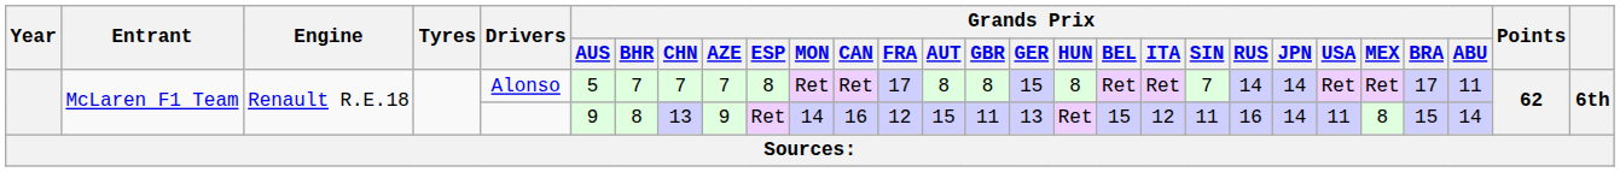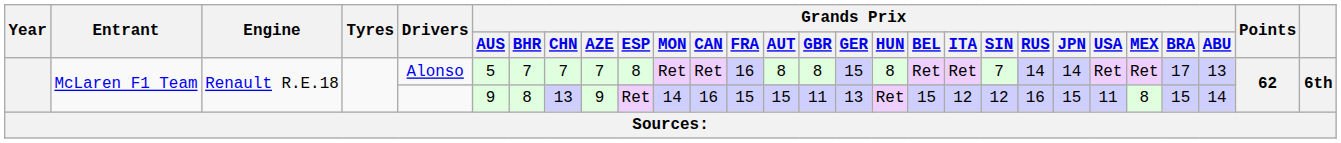 <table class="wikitable" style="text-align:center; font-size:90%">
 <tr>
 <th rowspan="2">Year</th>
 <th rowspan="2">Entrant</th>
 <th rowspan="2">Engine</th>
 <th rowspan="2">Tyres</th>
 <th rowspan="2">Drivers</th>
 <th colspan="21">Grands Prix</th>
 <th rowspan="2">Points</th>
 <th rowspan="2"></th>
 </tr>
 <tr>
 <th><a href='#'>AUS</a></th>
 <th><a href='#'>BHR</a></th>
 <th><a href='#'>CHN</a></th>
 <th><a href='#'>AZE</a></th>
 <th><a href='#'>ESP</a></th>
 <th><a href='#'>MON</a></th>
 <th><a href='#'>CAN</a></th>
 <th><a href='#'>FRA</a></th>
 <th><a href='#'>AUT</a></th>
 <th><a href='#'>GBR</a></th>
 <th><a href='#'>GER</a></th>
 <th><a href='#'>HUN</a></th>
 <th><a href='#'>BEL</a></th>
 <th><a href='#'>ITA</a></th>
 <th><a href='#'>SIN</a></th>
 <th><a href='#'>RUS</a></th>
 <th><a href='#'>JPN</a></th>
 <th><a href='#'>USA</a></th>
 <th><a href='#'>MEX</a></th>
 <th><a href='#'>BRA</a></th>
 <th><a href='#'>ABU</a></th>
 </tr>
 <tr>
 <th rowspan="2"></th>
 <td rowspan="2"><a href='#'>McLaren F1 Team</a></td>
 <td rowspan="2"><a href='#'>Renault</a> R.E.18</td>
 <td rowspan="2"></td>
 <td><a href='#'>Alonso</a></td>
 <td style="background-color:#dfffdf">5</td>
 <td style="background-color:#dfffdf">7</td>
 <td style="background-color:#dfffdf">7</td>
 <td style="background-color:#dfffdf">7</td>
 <td style="background-color:#dfffdf">8</td>
 <td style="background-color:#efcfff">Ret</td>
 <td style="background-color:#efcfff">Ret</td>
-<td style="background-color:#cfcfff">17</td>
+<td style="background-color:#cfcfff">16</td>
 <td style="background-color:#dfffdf">8</td>
 <td style="background-color:#dfffdf">8</td>
 <td style="background-color:#cfcfff">15</td>
 <td style="background-color:#dfffdf">8</td>
 <td style="background-color:#efcfff">Ret</td>
 <td style="background-color:#efcfff">Ret</td>
 <td style="background-color:#dfffdf">7</td>
 <td style="background-color:#cfcfff">14</td>
 <td style="background-color:#cfcfff">14</td>
 <td style="background-color:#efcfff">Ret</td>
 <td style="background-color:#efcfff">Ret</td>
 <td style="background-color:#cfcfff">17</td>
-<td style="background-color:#cfcfff">11</td>
+<td style="background-color:#cfcfff">13</td>
 <th rowspan="2">62</th>
 <th rowspan="2">6th</th>
 </tr>
 <tr>
 <td align="center"></td>
 <td style="background-color:#dfffdf">9</td>
 <td style="background-color:#dfffdf">8</td>
 <td style="background-color:#cfcfff">13</td>
 <td style="background-color:#dfffdf">9</td>
 <td style="background-color:#efcfff">Ret</td>
 <td style="background-color:#cfcfff">14</td>
 <td style="background-color:#cfcfff">16</td>
-<td style="background-color:#cfcfff">12</td>
+<td style="background-color:#cfcfff">15</td>
 <td style="background-color:#cfcfff">15</td>
 <td style="background-color:#cfcfff">11</td>
 <td style="background-color:#cfcfff">13</td>
 <td style="background-color:#efcfff">Ret</td>
 <td style="background-color:#cfcfff">15</td>
 <td style="background-color:#cfcfff">12</td>
-<td style="background-color:#cfcfff">11</td>
+<td style="background-color:#cfcfff">12</td>
 <td style="background-color:#cfcfff">16</td>
-<td style="background-color:#cfcfff">14</td>
+<td style="background-color:#cfcfff">15</td>
 <td style="background-color:#cfcfff">11</td>
 <td style="background-color:#dfffdf">8</td>
 <td style="background-color:#cfcfff">15</td>
 <td style="background-color:#cfcfff">14</td>
 </tr>
 <tr>
 <th colspan="28">Sources:</th>
 </tr>
 </table>
